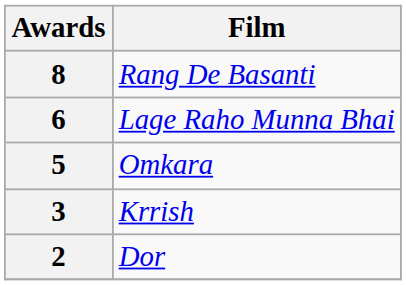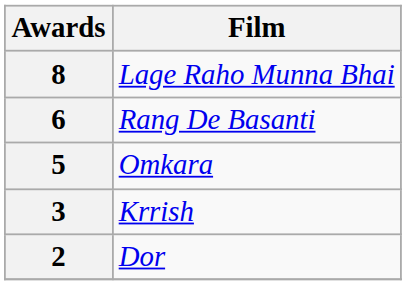 <table class="wikitable" style="display:inline-table;">
 <tr>
 <th>Awards</th>
 <th>Film</th>
 </tr>
 <tr>
 <th>8</th>
-<td><em><a href='#'>Rang De Basanti</a></em></td>
+<td><em><a href='#'>Lage Raho Munna Bhai</a></em></td>
 </tr>
 <tr>
 <th>6</th>
-<td><em><a href='#'>Lage Raho Munna Bhai</a></em></td>
+<td><em><a href='#'>Rang De Basanti</a></em></td>
 </tr>
 <tr>
 <th>5</th>
 <td><em><a href='#'>Omkara</a></em></td>
 </tr>
 <tr>
 <th>3</th>
 <td><em><a href='#'>Krrish</a></em></td>
 </tr>
 <tr>
 <th>2</th>
 <td><em><a href='#'>Dor</a></em></td>
 </tr>
 <tr>
 </tr>
 </table>
